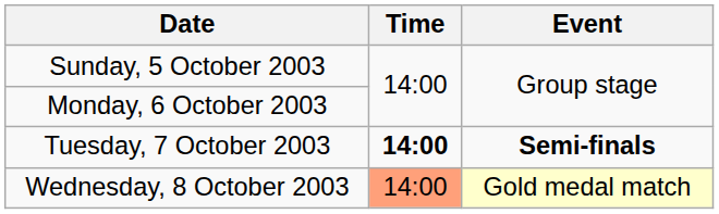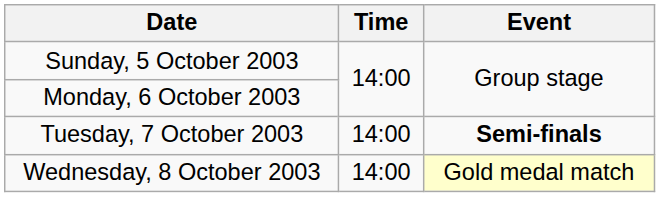 <table class = "wikitable" style="text-align:center;">
 <tr>
 <th width=220>Date</th>
 <th width=50>Time</th>
 <th width=150>Event</th>
 </tr>
 <tr>
 <td>Sunday, 5 October 2003</td>
 <td rowspan="2">14:00</td>
 <td rowspan="2">Group stage</td>
 </tr>
 <tr>
 <td>Monday, 6 October 2003</td>
 </tr>
 <tr>
 <td>Tuesday, 7 October 2003</td>
-<td><strong>14:00</strong></td>
+<td>14:00</td>
 <td><strong>Semi-finals</strong></td>
 </tr>
 <tr>
 <td>Wednesday, 8 October 2003</td>
-<td style="background: lightsalmon;">14:00</td>
+<td>14:00</td>
 <td bgcolor="ffffcc">Gold medal match</td>
 </tr>
 </table>
